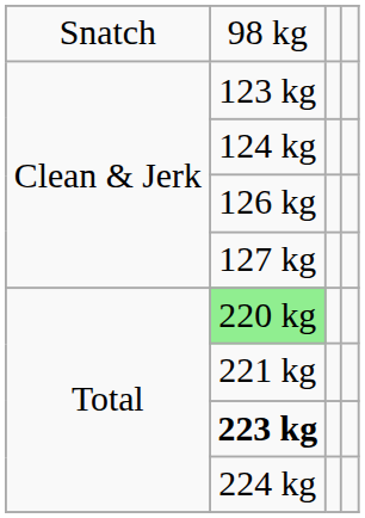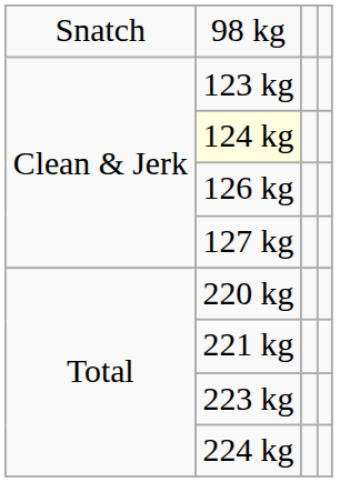 <table class = "wikitable" style="text-align:center;">
 <tr>
 <td>Snatch</td>
 <td>98 kg</td>
 <td align=left></td>
 <td></td>
 </tr>
 <tr>
 <td rowspan=4>Clean & Jerk</td>
 <td>123 kg</td>
 <td align=left></td>
 <td></td>
 </tr>
 <tr>
-<td>124 kg</td>
+<td style="background: lightyellow;">124 kg</td>
 <td align=left></td>
 <td></td>
 </tr>
 <tr>
 <td>126 kg</td>
 <td align=left></td>
 <td></td>
 </tr>
 <tr>
 <td>127 kg</td>
 <td align=left></td>
 <td></td>
 </tr>
 <tr>
 <td rowspan=4>Total</td>
-<td style="background: lightgreen;">220 kg</td>
+<td>220 kg</td>
 <td align=left></td>
 <td></td>
 </tr>
 <tr>
 <td>221 kg</td>
 <td align=left></td>
 <td></td>
 </tr>
 <tr>
-<td><strong>223 kg</strong></td>
+<td>223 kg</td>
 <td align=left></td>
 <td></td>
 </tr>
 <tr>
 <td>224 kg</td>
 <td align=left></td>
 <td></td>
 </tr>
 </table>
